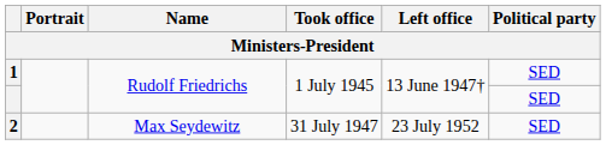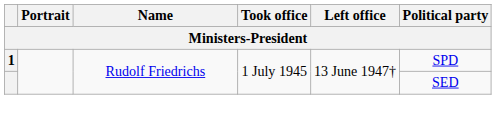 <table class="wikitable" style="text-align:center">
 <tr>
 <th></th>
 <th>Portrait</th>
 <th width=180>Name<br></th>
 <th>Took office</th>
 <th>Left office</th>
 <th>Political party</th>
 </tr>
 <tr>
 <th colspan=6>Ministers-President</th>
 </tr>
 <tr>
 <th style="background:">1</th>
 <td rowspan=2></td>
 <td rowspan=2><a href='#'>Rudolf Friedrichs</a><br></td>
 <td rowspan=2>1 July 1945</td>
 <td rowspan=2>13 June 1947†</td>
-<td><a href='#'>SED</a></td>
+<td><a href='#'>SPD</a><br></td>
 </tr>
 <tr>
 <th style="background:"></th>
 <td><a href='#'>SED</a><br></td>
 </tr>
-<tr>
-<th style="background:">2</th>
-<td></td>
-<td><a href='#'>Max Seydewitz</a><br></td>
-<td>31 July 1947</td>
-<td>23 July 1952</td>
-<td><a href='#'>SED</a></td>
-</tr>
 </table>
